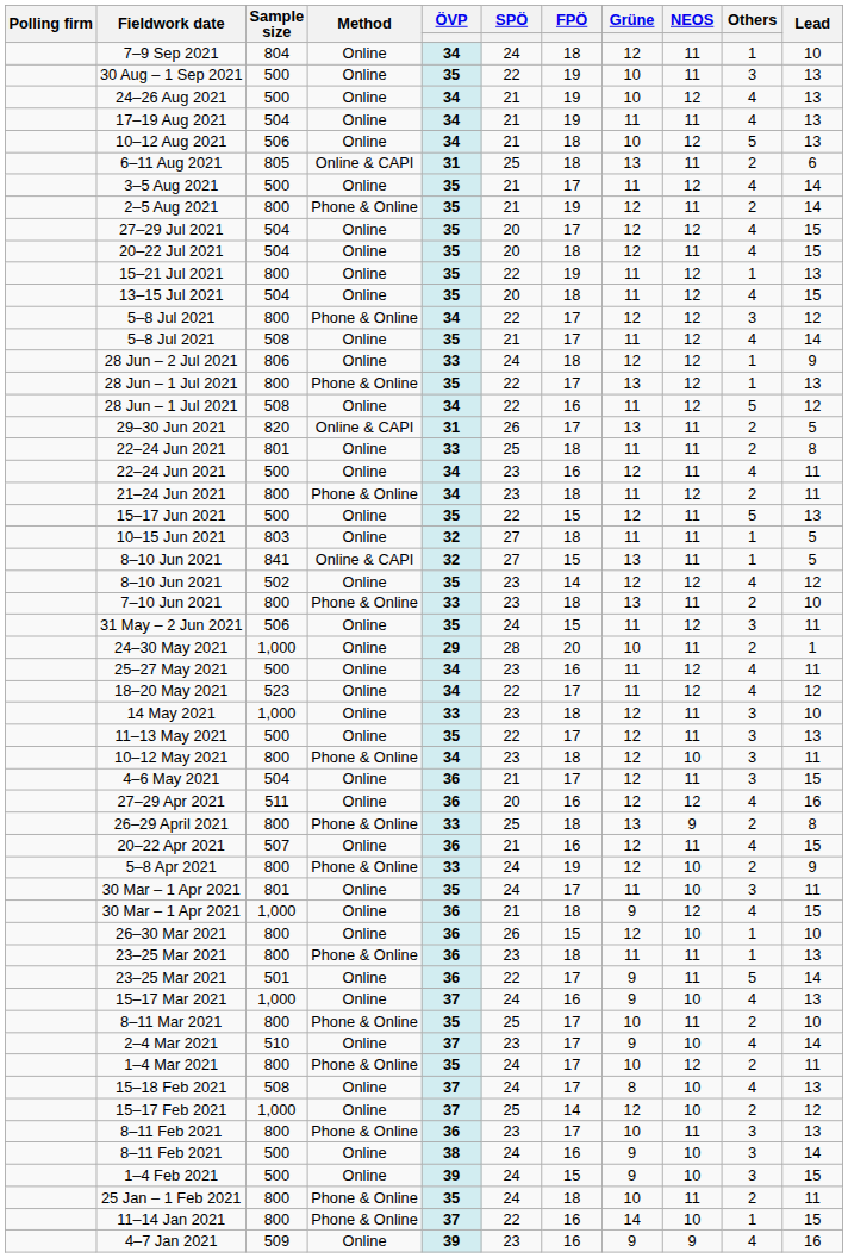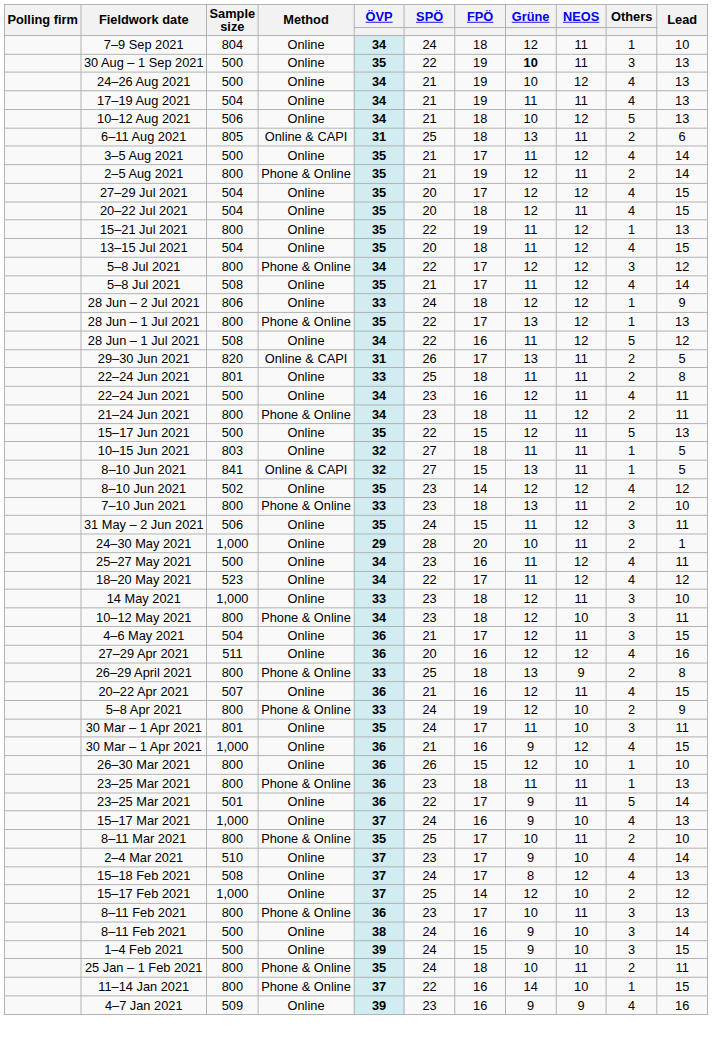 <table class="wikitable sortable mw-datatable" style="text-align:center;font-size:90%;line-height:14px;">
 <tr>
 <th rowspan="2">Polling firm</th>
 <th rowspan="2">Fieldwork date</th>
 <th rowspan="2">Sample<br>size</th>
 <th rowspan="2">Method</th>
 <th class="unsortable" style="width:50px;"><a href='#'>ÖVP</a></th>
 <th class="unsortable" style="width:50px;"><a href='#'>SPÖ</a></th>
 <th class="unsortable" style="width:50px;"><a href='#'>FPÖ</a></th>
 <th class="unsortable" style="width:50px;"><a href='#'>Grüne</a></th>
 <th class="unsortable" style="width:50px;"><a href='#'>NEOS</a></th>
 <th class="unsortable" style="width:50px;">Others</th>
 <th rowspan="2" class="unsortable" style="width:50px;">Lead</th>
 </tr>
 <tr>
 <th style="background:"></th>
 <th style="background:"></th>
 <th style="background:"></th>
 <th style="background:"></th>
 <th style="background:"></th>
 <th style="background:"></th>
 </tr>
 <tr>
 <td></td>
 <td data-sort-value="2021-09-09">7–9 Sep 2021</td>
 <td>804</td>
 <td>Online</td>
 <td style="background:#D2EDF1;"><strong>34</strong></td>
 <td>24</td>
 <td>18</td>
 <td>12</td>
 <td>11</td>
 <td>1</td>
 <td style="background:">10</td>
 </tr>
 <tr>
 <td></td>
 <td data-sort-value="2021-09-01">30 Aug – 1 Sep 2021</td>
 <td>500</td>
 <td>Online</td>
 <td style="background:#D2EDF1;"><strong>35</strong></td>
 <td>22</td>
 <td>19</td>
-<td>10</td>
+<td><strong>10</strong></td>
 <td>11</td>
 <td>3</td>
 <td style="background:">13</td>
 </tr>
 <tr>
 <td></td>
 <td data-sort-value="2021-08-26">24–26 Aug 2021</td>
 <td>500</td>
 <td>Online</td>
 <td style="background:#D2EDF1;"><strong>34</strong></td>
 <td>21</td>
 <td>19</td>
 <td>10</td>
 <td>12</td>
 <td>4</td>
 <td style="background:">13</td>
 </tr>
 <tr>
 <td></td>
 <td data-sort-value="2021-08-19">17–19 Aug 2021</td>
 <td>504</td>
 <td>Online</td>
 <td style="background:#D2EDF1;"><strong>34</strong></td>
 <td>21</td>
 <td>19</td>
 <td>11</td>
 <td>11</td>
 <td>4</td>
 <td style="background:">13</td>
 </tr>
 <tr>
 <td></td>
 <td data-sort-value="2021-08-12">10–12 Aug 2021</td>
 <td>506</td>
 <td>Online</td>
 <td style="background:#D2EDF1;"><strong>34</strong></td>
 <td>21</td>
 <td>18</td>
 <td>10</td>
 <td>12</td>
 <td>5</td>
 <td style="background:">13</td>
 </tr>
 <tr>
 <td></td>
 <td data-sort-value="2021-08-11">6–11 Aug 2021</td>
 <td>805</td>
 <td>Online & CAPI</td>
 <td style="background:#D2EDF1;"><strong>31</strong></td>
 <td>25</td>
 <td>18</td>
 <td>13</td>
 <td>11</td>
 <td>2</td>
 <td style="background:">6</td>
 </tr>
 <tr>
 <td></td>
 <td data-sort-value="2021-08-05">3–5 Aug 2021</td>
 <td>500</td>
 <td>Online</td>
 <td style="background:#D2EDF1;"><strong>35</strong></td>
 <td>21</td>
 <td>17</td>
 <td>11</td>
 <td>12</td>
 <td>4</td>
 <td style="background:">14</td>
 </tr>
 <tr>
 <td></td>
 <td data-sort-value="2021-08-05">2–5 Aug 2021</td>
 <td>800</td>
 <td>Phone & Online</td>
 <td style="background:#D2EDF1;"><strong>35</strong></td>
 <td>21</td>
 <td>19</td>
 <td>12</td>
 <td>11</td>
 <td>2</td>
 <td style="background:">14</td>
 </tr>
 <tr>
 <td></td>
 <td data-sort-value="2021-07-29">27–29 Jul 2021</td>
 <td>504</td>
 <td>Online</td>
 <td style="background:#D2EDF1;"><strong>35</strong></td>
 <td>20</td>
 <td>17</td>
 <td>12</td>
 <td>12</td>
 <td>4</td>
 <td style="background:">15</td>
 </tr>
 <tr>
 <td></td>
 <td data-sort-value="2021-07-22">20–22 Jul 2021</td>
 <td>504</td>
 <td>Online</td>
 <td style="background:#D2EDF1;"><strong>35</strong></td>
 <td>20</td>
 <td>18</td>
 <td>12</td>
 <td>11</td>
 <td>4</td>
 <td style="background:">15</td>
 </tr>
 <tr>
 <td></td>
 <td data-sort-value="2021-07-21">15–21 Jul 2021</td>
 <td>800</td>
 <td>Online</td>
 <td style="background:#D2EDF1;"><strong>35</strong></td>
 <td>22</td>
 <td>19</td>
 <td>11</td>
 <td>12</td>
 <td>1</td>
 <td style="background:">13</td>
 </tr>
 <tr>
 <td></td>
 <td data-sort-value="2021-07-15">13–15 Jul 2021</td>
 <td>504</td>
 <td>Online</td>
 <td style="background:#D2EDF1;"><strong>35</strong></td>
 <td>20</td>
 <td>18</td>
 <td>11</td>
 <td>12</td>
 <td>4</td>
 <td style="background:">15</td>
 </tr>
 <tr>
 <td></td>
 <td data-sort-value="2021-07-08">5–8 Jul 2021</td>
 <td>800</td>
 <td>Phone & Online</td>
 <td style="background:#D2EDF1;"><strong>34</strong></td>
 <td>22</td>
 <td>17</td>
 <td>12</td>
 <td>12</td>
 <td>3</td>
 <td style="background:">12</td>
 </tr>
 <tr>
 <td></td>
 <td data-sort-value="2021-07-08">5–8 Jul 2021</td>
 <td>508</td>
 <td>Online</td>
 <td style="background:#D2EDF1;"><strong>35</strong></td>
 <td>21</td>
 <td>17</td>
 <td>11</td>
 <td>12</td>
 <td>4</td>
 <td style="background:">14</td>
 </tr>
 <tr>
 <td></td>
 <td data-sort-value="2021-07-02">28 Jun – 2 Jul 2021</td>
 <td>806</td>
 <td>Online</td>
 <td style="background:#D2EDF1;"><strong>33</strong></td>
 <td>24</td>
 <td>18</td>
 <td>12</td>
 <td>12</td>
 <td>1</td>
 <td style="background:">9</td>
 </tr>
 <tr>
 <td></td>
 <td data-sort-value="2021-07-01">28 Jun – 1 Jul 2021</td>
 <td>800</td>
 <td>Phone & Online</td>
 <td style="background:#D2EDF1;"><strong>35</strong></td>
 <td>22</td>
 <td>17</td>
 <td>13</td>
 <td>12</td>
 <td>1</td>
 <td style="background:">13</td>
 </tr>
 <tr>
 <td></td>
 <td data-sort-value="2021-07-01">28 Jun – 1 Jul 2021</td>
 <td>508</td>
 <td>Online</td>
 <td style="background:#D2EDF1;"><strong>34</strong></td>
 <td>22</td>
 <td>16</td>
 <td>11</td>
 <td>12</td>
 <td>5</td>
 <td style="background:">12</td>
 </tr>
 <tr>
 <td></td>
 <td data-sort-value="2021-06-30">29–30 Jun 2021</td>
 <td>820</td>
 <td>Online & CAPI</td>
 <td style="background:#D2EDF1;"><strong>31</strong></td>
 <td>26</td>
 <td>17</td>
 <td>13</td>
 <td>11</td>
 <td>2</td>
 <td style="background:">5</td>
 </tr>
 <tr>
 <td></td>
 <td data-sort-value="2021-06-24">22–24 Jun 2021</td>
 <td>801</td>
 <td>Online</td>
 <td style="background:#D2EDF1;"><strong>33</strong></td>
 <td>25</td>
 <td>18</td>
 <td>11</td>
 <td>11</td>
 <td>2</td>
 <td style="background:">8</td>
 </tr>
 <tr>
 <td></td>
 <td data-sort-value="2021-06-24">22–24 Jun 2021</td>
 <td>500</td>
 <td>Online</td>
 <td style="background:#D2EDF1;"><strong>34</strong></td>
 <td>23</td>
 <td>16</td>
 <td>12</td>
 <td>11</td>
 <td>4</td>
 <td style="background:">11</td>
 </tr>
 <tr>
 <td></td>
 <td data-sort-value="2021-06-24">21–24 Jun 2021</td>
 <td>800</td>
 <td>Phone & Online</td>
 <td style="background:#D2EDF1;"><strong>34</strong></td>
 <td>23</td>
 <td>18</td>
 <td>11</td>
 <td>12</td>
 <td>2</td>
 <td style="background:">11</td>
 </tr>
 <tr>
 <td></td>
 <td data-sort-value="2021-06-17">15–17 Jun 2021</td>
 <td>500</td>
 <td>Online</td>
 <td style="background:#D2EDF1;"><strong>35</strong></td>
 <td>22</td>
 <td>15</td>
 <td>12</td>
 <td>11</td>
 <td>5</td>
 <td style="background:">13</td>
 </tr>
 <tr>
 <td></td>
 <td data-sort-value="2021-06-15">10–15 Jun 2021</td>
 <td>803</td>
 <td>Online</td>
 <td style="background:#D2EDF1;"><strong>32</strong></td>
 <td>27</td>
 <td>18</td>
 <td>11</td>
 <td>11</td>
 <td>1</td>
 <td style="background:">5</td>
 </tr>
 <tr>
 <td></td>
 <td data-sort-value="2021-06-10">8–10 Jun 2021</td>
 <td>841</td>
 <td>Online & CAPI</td>
 <td style="background:#D2EDF1;"><strong>32</strong></td>
 <td>27</td>
 <td>15</td>
 <td>13</td>
 <td>11</td>
 <td>1</td>
 <td style="background:">5</td>
 </tr>
 <tr>
 <td></td>
 <td data-sort-value="2021-06-10">8–10 Jun 2021</td>
 <td>502</td>
 <td>Online</td>
 <td style="background:#D2EDF1;"><strong>35</strong></td>
 <td>23</td>
 <td>14</td>
 <td>12</td>
 <td>12</td>
 <td>4</td>
 <td style="background:">12</td>
 </tr>
 <tr>
 <td></td>
 <td data-sort-value="2021-06-10">7–10 Jun 2021</td>
 <td>800</td>
 <td>Phone & Online</td>
 <td style="background:#D2EDF1;"><strong>33</strong></td>
 <td>23</td>
 <td>18</td>
 <td>13</td>
 <td>11</td>
 <td>2</td>
 <td style="background:">10</td>
 </tr>
 <tr>
 <td></td>
 <td data-sort-value="2021-06-02">31 May – 2 Jun 2021</td>
 <td>506</td>
 <td>Online</td>
 <td style="background:#D2EDF1;"><strong>35</strong></td>
 <td>24</td>
 <td>15</td>
 <td>11</td>
 <td>12</td>
 <td>3</td>
 <td style="background:">11</td>
 </tr>
 <tr>
 <td></td>
 <td data-sort-value="2021-05-30">24–30 May 2021</td>
 <td>1,000</td>
 <td>Online</td>
 <td style="background:#D2EDF1;"><strong>29</strong></td>
 <td>28</td>
 <td>20</td>
 <td>10</td>
 <td>11</td>
 <td>2</td>
 <td style="background:">1</td>
 </tr>
 <tr>
 <td></td>
 <td data-sort-value="2021-05-27">25–27 May 2021</td>
 <td>500</td>
 <td>Online</td>
 <td style="background:#D2EDF1;"><strong>34</strong></td>
 <td>23</td>
 <td>16</td>
 <td>11</td>
 <td>12</td>
 <td>4</td>
 <td style="background:">11</td>
 </tr>
 <tr>
 <td></td>
 <td data-sort-value="2021-05-20">18–20 May 2021</td>
 <td>523</td>
 <td>Online</td>
 <td style="background:#D2EDF1;"><strong>34</strong></td>
 <td>22</td>
 <td>17</td>
 <td>11</td>
 <td>12</td>
 <td>4</td>
 <td style="background:">12</td>
 </tr>
 <tr>
 <td></td>
 <td data-sort-value="2021-05-14">14 May 2021</td>
 <td>1,000</td>
 <td>Online</td>
 <td style="background:#D2EDF1;"><strong>33</strong></td>
 <td>23</td>
 <td>18</td>
 <td>12</td>
 <td>11</td>
 <td>3</td>
 <td style="background:">10</td>
 </tr>
 <tr>
 <td></td>
-<td data-sort-value="2021-05-13">11–13 May 2021</td>
-<td>500</td>
-<td>Online</td>
-<td style="background:#D2EDF1;"><strong>35</strong></td>
-<td>22</td>
-<td>17</td>
-<td>12</td>
-<td>11</td>
-<td>3</td>
-<td style="background:">13</td>
-</tr>
-<tr>
-<td></td>
 <td data-sort-value="2021-05-12">10–12 May 2021</td>
 <td>800</td>
 <td>Phone & Online</td>
 <td style="background:#D2EDF1;"><strong>34</strong></td>
 <td>23</td>
 <td>18</td>
 <td>12</td>
 <td>10</td>
 <td>3</td>
 <td style="background:">11</td>
 </tr>
 <tr>
 <td></td>
 <td data-sort-value="2021-05-06">4–6 May 2021</td>
 <td>504</td>
 <td>Online</td>
 <td style="background:#D2EDF1;"><strong>36</strong></td>
 <td>21</td>
 <td>17</td>
 <td>12</td>
 <td>11</td>
 <td>3</td>
 <td style="background:">15</td>
 </tr>
 <tr>
 <td></td>
 <td data-sort-value="2021-04-29">27–29 Apr 2021</td>
 <td>511</td>
 <td>Online</td>
 <td style="background:#D2EDF1;"><strong>36</strong></td>
 <td>20</td>
 <td>16</td>
 <td>12</td>
 <td>12</td>
 <td>4</td>
 <td style="background:">16</td>
 </tr>
 <tr>
 <td></td>
 <td>26–29 April 2021</td>
 <td>800</td>
 <td>Phone & Online</td>
 <td style="background:#D2EDF1;"><strong>33</strong></td>
 <td>25</td>
 <td>18</td>
 <td>13</td>
 <td>9</td>
 <td>2</td>
 <td style="background:">8</td>
 </tr>
 <tr>
 <td></td>
 <td data-sort-value="2021-04-22">20–22 Apr 2021</td>
 <td>507</td>
 <td>Online</td>
 <td style="background:#D2EDF1;"><strong>36</strong></td>
 <td>21</td>
 <td>16</td>
 <td>12</td>
 <td>11</td>
 <td>4</td>
 <td style="background:">15</td>
 </tr>
 <tr>
 <td></td>
 <td data-sort-value="2021-04-08">5–8 Apr 2021</td>
 <td>800</td>
 <td>Phone & Online</td>
 <td style="background:#D2EDF1;"><strong>33</strong></td>
 <td>24</td>
 <td>19</td>
 <td>12</td>
 <td>10</td>
 <td>2</td>
 <td style="background:">9</td>
 </tr>
 <tr>
 <td></td>
 <td data-sort-value="2021-04-01">30 Mar – 1 Apr 2021</td>
 <td>801</td>
 <td>Online</td>
 <td style="background:#D2EDF1;"><strong>35</strong></td>
 <td>24</td>
 <td>17</td>
 <td>11</td>
 <td>10</td>
 <td>3</td>
 <td style="background:">11</td>
 </tr>
 <tr>
 <td></td>
 <td data-sort-value="2021-04-01">30 Mar – 1 Apr 2021</td>
 <td>1,000</td>
 <td>Online</td>
 <td style="background:#D2EDF1;"><strong>36</strong></td>
 <td>21</td>
-<td>18</td>
+<td>16</td>
 <td>9</td>
 <td>12</td>
 <td>4</td>
 <td style="background:">15</td>
 </tr>
 <tr>
 <td></td>
 <td data-sort-value="2021-03-30">26–30 Mar 2021</td>
 <td>800</td>
 <td>Online</td>
 <td style="background:#D2EDF1;"><strong>36</strong></td>
 <td>26</td>
 <td>15</td>
 <td>12</td>
 <td>10</td>
 <td>1</td>
 <td style="background:">10</td>
 </tr>
 <tr>
 <td></td>
 <td data-sort-value="2021-03-25">23–25 Mar 2021</td>
 <td>800</td>
 <td>Phone & Online</td>
 <td style="background:#D2EDF1;"><strong>36</strong></td>
 <td>23</td>
 <td>18</td>
 <td>11</td>
 <td>11</td>
 <td>1</td>
 <td style="background:">13</td>
 </tr>
 <tr>
 <td></td>
 <td data-sort-value="2021-03-25">23–25 Mar 2021</td>
 <td>501</td>
 <td>Online</td>
 <td style="background:#D2EDF1;"><strong>36</strong></td>
 <td>22</td>
 <td>17</td>
 <td>9</td>
 <td>11</td>
 <td>5</td>
 <td style="background:">14</td>
 </tr>
 <tr>
 <td></td>
 <td data-sort-value="2021-03-17">15–17 Mar 2021</td>
 <td>1,000</td>
 <td>Online</td>
 <td style="background:#D2EDF1;"><strong>37</strong></td>
 <td>24</td>
 <td>16</td>
 <td>9</td>
 <td>10</td>
 <td>4</td>
 <td style="background:">13</td>
 </tr>
 <tr>
 <td></td>
 <td data-sort-value="2021-03-11">8–11 Mar 2021</td>
 <td>800</td>
 <td>Phone & Online</td>
 <td style="background:#D2EDF1;"><strong>35</strong></td>
 <td>25</td>
 <td>17</td>
 <td>10</td>
 <td>11</td>
 <td>2</td>
 <td style="background:">10</td>
 </tr>
 <tr>
 <td></td>
 <td data-sort-value="2021-03-04">2–4 Mar 2021</td>
 <td>510</td>
 <td>Online</td>
 <td style="background:#D2EDF1;"><strong>37</strong></td>
 <td>23</td>
 <td>17</td>
 <td>9</td>
 <td>10</td>
 <td>4</td>
 <td style="background:">14</td>
 </tr>
 <tr>
 <td></td>
-<td data-sort-value="2021-03-04">1–4 Mar 2021</td>
-<td>800</td>
-<td>Phone & Online</td>
-<td style="background:#D2EDF1;"><strong>35</strong></td>
-<td>24</td>
-<td>17</td>
-<td>10</td>
-<td>12</td>
-<td>2</td>
-<td style="background:">11</td>
-</tr>
-<tr>
-<td></td>
 <td data-sort-value="2021-02-18">15–18 Feb 2021</td>
 <td>508</td>
 <td>Online</td>
 <td style="background:#D2EDF1;"><strong>37</strong></td>
 <td>24</td>
 <td>17</td>
 <td>8</td>
-<td>10</td>
+<td>12</td>
 <td>4</td>
 <td style="background:">13</td>
 </tr>
 <tr>
 <td></td>
 <td data-sort-value="2021-02-17">15–17 Feb 2021</td>
 <td>1,000</td>
 <td>Online</td>
 <td style="background:#D2EDF1;"><strong>37</strong></td>
 <td>25</td>
 <td>14</td>
 <td>12</td>
 <td>10</td>
 <td>2</td>
 <td style="background:">12</td>
 </tr>
 <tr>
 <td></td>
 <td data-sort-value="2021-02-11">8–11 Feb 2021</td>
 <td>800</td>
 <td>Phone & Online</td>
 <td style="background:#D2EDF1;"><strong>36</strong></td>
 <td>23</td>
 <td>17</td>
 <td>10</td>
 <td>11</td>
 <td>3</td>
 <td style="background:">13</td>
 </tr>
 <tr>
 <td></td>
 <td data-sort-value="2021-02-11">8–11 Feb 2021</td>
 <td>500</td>
 <td>Online</td>
 <td style="background:#D2EDF1;"><strong>38</strong></td>
 <td>24</td>
 <td>16</td>
 <td>9</td>
 <td>10</td>
 <td>3</td>
 <td style="background:">14</td>
 </tr>
 <tr>
 <td></td>
 <td data-sort-value="2021-02-04">1–4 Feb 2021</td>
 <td>500</td>
 <td>Online</td>
 <td style="background:#D2EDF1;"><strong>39</strong></td>
 <td>24</td>
 <td>15</td>
 <td>9</td>
 <td>10</td>
 <td>3</td>
 <td style="background:">15</td>
 </tr>
 <tr>
 <td></td>
 <td data-sort-value="2021-02-01">25 Jan – 1 Feb 2021</td>
 <td>800</td>
 <td>Phone & Online</td>
 <td style="background:#D2EDF1;"><strong>35</strong></td>
 <td>24</td>
 <td>18</td>
 <td>10</td>
 <td>11</td>
 <td>2</td>
 <td style="background:">11</td>
 </tr>
 <tr>
 <td></td>
 <td data-sort-value="2021-01-14">11–14 Jan 2021</td>
 <td>800</td>
 <td>Phone & Online</td>
 <td style="background:#D2EDF1;"><strong>37</strong></td>
 <td>22</td>
 <td>16</td>
 <td>14</td>
 <td>10</td>
 <td>1</td>
 <td style="background:">15</td>
 </tr>
 <tr>
 <td></td>
 <td data-sort-value="2021-01-07">4–7 Jan 2021</td>
 <td>509</td>
 <td>Online</td>
 <td style="background:#D2EDF1;"><strong>39</strong></td>
 <td>23</td>
 <td>16</td>
 <td>9</td>
 <td>9</td>
 <td>4</td>
 <td style="background:">16</td>
 </tr>
 </table>
